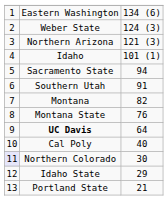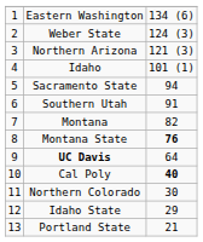 <table class="wikitable" style="display: inline-table;">
 <tr align="center">
 </tr>
 <tr align="center">
 <td>1</td>
 <td>Eastern Washington</td>
 <td>134 (6)</td>
 </tr>
 <tr align="center">
 <td>2</td>
 <td>Weber State</td>
 <td>124 (3)</td>
 </tr>
 <tr align="center">
 <td>3</td>
 <td>Northern Arizona</td>
 <td>121 (3)</td>
 </tr>
 <tr align="center">
 <td>4</td>
 <td>Idaho</td>
 <td>101 (1)</td>
 </tr>
 <tr align="center">
 <td>5</td>
 <td>Sacramento State</td>
 <td>94</td>
 </tr>
 <tr align="center">
 <td>6</td>
 <td>Southern Utah</td>
 <td>91</td>
 </tr>
 <tr align="center">
 <td>7</td>
 <td>Montana</td>
 <td>82</td>
 </tr>
 <tr align="center">
 <td>8</td>
 <td>Montana State</td>
-<td>76</td>
+<td><strong>76</strong></td>
 </tr>
 <tr align="center">
 <td>9</td>
 <td><strong>UC Davis</strong></td>
 <td>64</td>
 </tr>
 <tr align="center">
 <td>10</td>
 <td>Cal Poly</td>
-<td>40</td>
+<td><strong>40</strong></td>
 </tr>
 <tr align="center">
-<td style="background: lavender;">11</td>
+<td>11</td>
 <td>Northern Colorado</td>
 <td>30</td>
 </tr>
 <tr align="center">
 <td>12</td>
 <td>Idaho State</td>
 <td>29</td>
 </tr>
 <tr align="center">
 <td>13</td>
 <td>Portland State</td>
 <td>21</td>
 </tr>
 </table>
